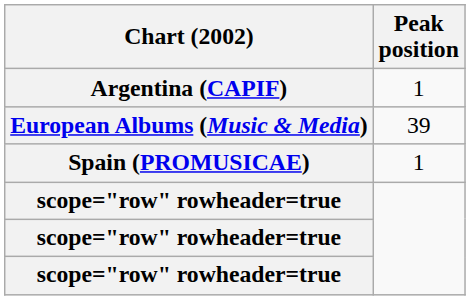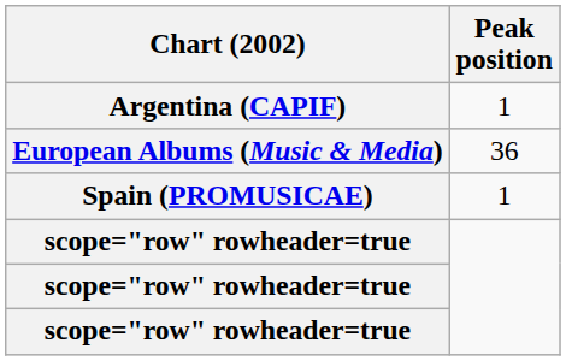 <table class="wikitable sortable plainrowheaders">
 <tr>
 <th>Chart (2002)</th>
 <th>Peak<br>position</th>
 </tr>
 <tr>
 <th scope="row">Argentina (<a href='#'>CAPIF</a>)</th>
 <td style="text-align:center;">1</td>
 </tr>
 <tr>
 <th scope="row"><a href='#'>European Albums</a> (<em><a href='#'>Music & Media</a></em>)</th>
-<td align="center">39</td>
+<td align="center">36</td>
 </tr>
 <tr>
 <th scope="row">Spain (<a href='#'>PROMUSICAE</a>)</th>
 <td style="text-align:center;">1</td>
 </tr>
 <tr>
 <th>scope="row" rowheader=true</th>
 </tr>
 <tr>
 <th>scope="row" rowheader=true</th>
 </tr>
 <tr>
 <th>scope="row" rowheader=true</th>
 </tr>
 </table>
